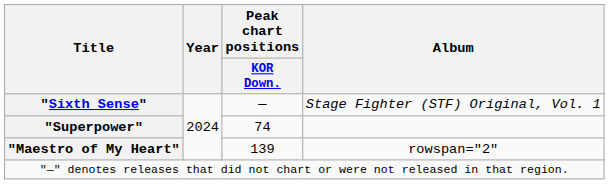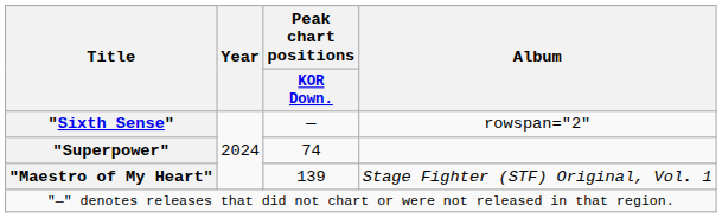 <table class="wikitable plainrowheaders" style="text-align:center">
 <tr>
 <th scope="col" rowspan="2">Title</th>
 <th scope="col" rowspan="2">Year</th>
 <th scope="col" colspan="1">Peak chart positions</th>
 <th scope="col" rowspan="2">Album</th>
 </tr>
 <tr>
 <th scope="col" style="font-size:90%; width:3em"><a href='#'>KOR<br>Down.</a><br></th>
 </tr>
 <tr>
 <th scope="row">"<a href='#'>Sixth Sense</a>"</th>
 <td rowspan="3">2024</td>
 <td>—</td>
-<td><em>Stage Fighter (STF) Original, Vol. 1</em></td>
+<td>rowspan="2" </td>
 </tr>
 <tr>
 <th scope="row">"Superpower"<br></th>
 <td>74</td>
 </tr>
 <tr>
 <th scope="row">"Maestro of My Heart"</th>
 <td>139</td>
-<td>rowspan="2" </td>
+<td><em>Stage Fighter (STF) Original, Vol. 1</em></td>
 </tr>
 <tr>
 <td colspan="4" style="font-size:85%">"—" denotes releases that did not chart or were not released in that region.</td>
 </tr>
 </table>
